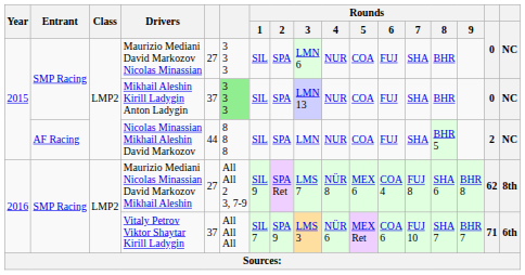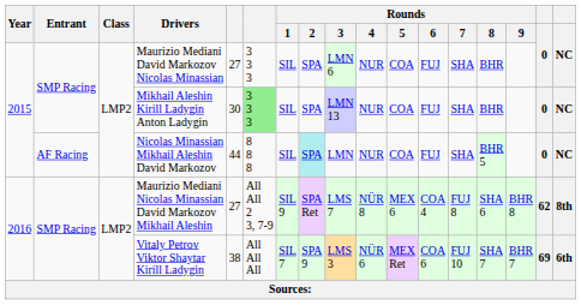 <table class="wikitable">
 <tr>
 <th rowspan="2">Year</th>
 <th rowspan="2">Entrant</th>
 <th rowspan="2">Class</th>
 <th rowspan="2">Drivers</th>
 <th rowspan="2"></th>
 <th rowspan="2"></th>
 <th colspan="9">Rounds</th>
 <th></th>
 <th></th>
 </tr>
 <tr>
 <th>1</th>
 <th>2</th>
 <th>3</th>
 <th>4</th>
 <th>5</th>
 <th>6</th>
 <th>7</th>
 <th>8</th>
 <th>9</th>
 <th rowspan="2">0</th>
 <th rowspan="2">NC</th>
 </tr>
 <tr>
 <td rowspan="3"><a href='#'>2015</a></td>
 <td rowspan="2"> <a href='#'>SMP Racing</a></td>
 <td rowspan="3">LMP2</td>
 <td> Maurizio Mediani<br> David Markozov<br> <a href='#'>Nicolas Minassian</a></td>
 <td>27</td>
 <td>3<br>3<br>3</td>
 <td><a href='#'>SIL</a></td>
 <td><a href='#'>SPA</a></td>
 <td style="background:#DFFFDF;"><a href='#'>LMN</a><br>6</td>
 <td><a href='#'>NUR</a></td>
 <td><a href='#'>COA</a></td>
 <td><a href='#'>FUJ</a></td>
 <td><a href='#'>SHA</a></td>
 <td><a href='#'>BHR</a></td>
 <td></td>
 </tr>
 <tr>
 <td> <a href='#'>Mikhail Aleshin</a><br> <a href='#'>Kirill Ladygin</a><br> Anton Ladygin</td>
-<td>37</td>
+<td>30</td>
 <td style="background: lightgreen;">3<br>3<br>3</td>
 <td><a href='#'>SIL</a></td>
 <td><a href='#'>SPA</a></td>
 <td style="background:#CFCFFF;”"><a href='#'>LMN</a><br>13</td>
 <td><a href='#'>NUR</a></td>
 <td><a href='#'>COA</a></td>
 <td><a href='#'>FUJ</a></td>
 <td><a href='#'>SHA</a></td>
 <td><a href='#'>BHR</a></td>
 <td></td>
 <th>0</th>
 <th>NC</th>
 </tr>
 <tr>
 <td> <a href='#'>AF Racing</a></td>
 <td> <a href='#'>Nicolas Minassian</a><br> <a href='#'>Mikhail Aleshin</a><br> David Markozov</td>
 <td>44</td>
 <td>8<br>8<br>8</td>
 <td><a href='#'>SIL</a></td>
-<td><a href='#'>SPA</a></td>
+<td style="background: paleturquoise;"><a href='#'>SPA</a></td>
 <td><a href='#'>LMN</a></td>
 <td><a href='#'>NUR</a></td>
 <td><a href='#'>COA</a></td>
 <td><a href='#'>FUJ</a></td>
 <td><a href='#'>SHA</a></td>
 <td style="background:#DFFFDF;"><a href='#'>BHR</a><br>5</td>
 <td></td>
-<th>2</th>
+<th>0</th>
 <th>NC</th>
 </tr>
 <tr>
 <td rowspan="2"><a href='#'>2016</a></td>
 <td rowspan="2"> <a href='#'>SMP Racing</a></td>
 <td rowspan="2">LMP2</td>
 <td> Maurizio Mediani<br> <a href='#'>Nicolas Minassian</a><br> David Markozov<br> <a href='#'>Mikhail Aleshin</a></td>
 <td>27</td>
 <td>All<br>All<br>2<br>3, 7-9</td>
 <td style="background:#DFFFDF;"><a href='#'>SIL</a><br>9</td>
 <td style="background:#EFCFFF;"><a href='#'>SPA</a><br>Ret</td>
 <td style="background:#DFFFDF;"><a href='#'>LMS</a><br>7</td>
 <td style="background:#DFFFDF;"><a href='#'>NÜR</a><br>8</td>
 <td style="background:#DFFFDF;"><a href='#'>MEX</a><br>6</td>
 <td style="background:#DFFFDF;"><a href='#'>COA</a><br>4</td>
 <td style="background:#DFFFDF;"><a href='#'>FUJ</a><br>8</td>
 <td style="background:#DFFFDF;"><a href='#'>SHA</a><br>6</td>
 <td style="background:#DFFFDF;"><a href='#'>BHR</a><br>8</td>
 <th>62</th>
 <th>8th</th>
 </tr>
 <tr>
 <td> <a href='#'>Vitaly Petrov</a><br> <a href='#'>Viktor Shaytar</a><br> <a href='#'>Kirill Ladygin</a></td>
-<td>37</td>
+<td>38</td>
 <td>All<br>All<br>All</td>
 <td style="background:#DFFFDF;"><a href='#'>SIL</a><br>7</td>
 <td style="background:#DFFFDF;"><a href='#'>SPA</a><br>9</td>
 <td style="background:#FFDF9F;”"><a href='#'>LMS</a><br>3</td>
 <td style="background:#DFFFDF;"><a href='#'>NÜR</a><br>6</td>
 <td style="background:#EFCFFF;"><a href='#'>MEX</a><br>Ret</td>
 <td style="background:#DFFFDF;"><a href='#'>COA</a><br>6</td>
 <td style="background:#DFFFDF;"><a href='#'>FUJ</a><br>10</td>
 <td style="background:#DFFFDF;"><a href='#'>SHA</a><br>7</td>
 <td style="background:#DFFFDF;"><a href='#'>BHR</a><br>7</td>
-<th>71</th>
+<th>69</th>
 <th>6th</th>
 </tr>
 <tr>
 <th colspan="17">Sources:</th>
 </tr>
 </table>
